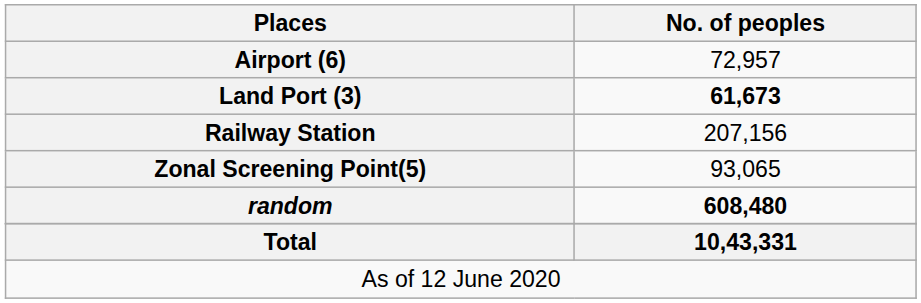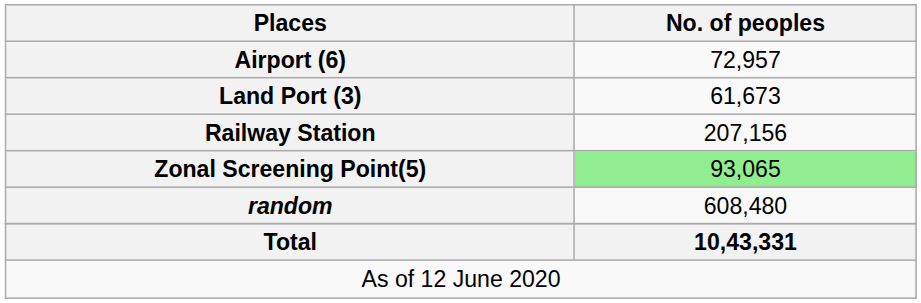 <table class="wikitable plainrowheaders sortable mw-collapsible" style="text-align:center; font-size:95%; width:600px; clear:right; margin:0px 0px 0.5em 1em">
 <tr>
 <th scope="col">Places</th>
 <th scope="col">No. of peoples</th>
 </tr>
 <tr>
 <th scope="row">Airport (6)</th>
 <td>72,957</td>
 </tr>
 <tr>
 <th scope="row">Land Port (3)</th>
-<td><strong>61,673</strong></td>
+<td>61,673</td>
 </tr>
 <tr>
 <th scope="row">Railway Station</th>
 <td>207,156</td>
 </tr>
 <tr>
 <th scope="row">Zonal Screening Point(5)</th>
-<td>93,065</td>
+<td style="background: lightgreen;">93,065</td>
 </tr>
 <tr>
 <th scope="row"><em>random</em></th>
-<td><strong>608,480</strong></td>
+<td>608,480</td>
 </tr>
 <tr>
 </tr>
 <tr class="sortbottom">
 <th colspan="1">Total</th>
 <th scope="col">10,43,331</th>
 </tr>
 <tr class="sortbottom" style="text-align:center;">
 <td colspan="7">As of 12 June 2020</td>
 </tr>
 </table>
